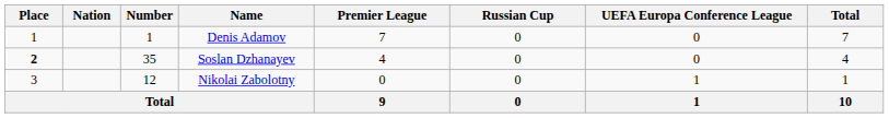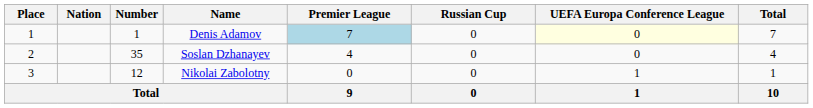 <table class="wikitable" style="font-size: 95%; text-align: center;">
 <tr>
 <th width=60>Place</th>
 <th width=60>Nation</th>
 <th width=60>Number</th>
 <th width=150>Name</th>
 <th width=150>Premier League</th>
 <th width=150>Russian Cup</th>
 <th width=250>UEFA Europa Conference League</th>
 <th width=80>Total</th>
 </tr>
 <tr>
 <td>1</td>
 <td></td>
 <td>1</td>
 <td><a href='#'>Denis Adamov</a></td>
-<td>7</td>
+<td style="background: lightblue;">7</td>
 <td>0</td>
-<td>0</td>
+<td style="background: lightyellow;">0</td>
 <td>7</td>
 </tr>
 <tr>
-<td><strong>2</strong></td>
+<td>2</td>
 <td></td>
 <td>35</td>
 <td><a href='#'>Soslan Dzhanayev</a></td>
 <td>4</td>
 <td>0</td>
 <td>0</td>
 <td>4</td>
 </tr>
 <tr>
 <td>3</td>
 <td></td>
 <td>12</td>
 <td><a href='#'>Nikolai Zabolotny</a></td>
 <td>0</td>
 <td>0</td>
 <td>1</td>
 <td>1</td>
 </tr>
 <tr>
 <th colspan="4">Total</th>
 <th>9</th>
 <th>0</th>
 <th>1</th>
 <th>10</th>
 </tr>
 </table>
